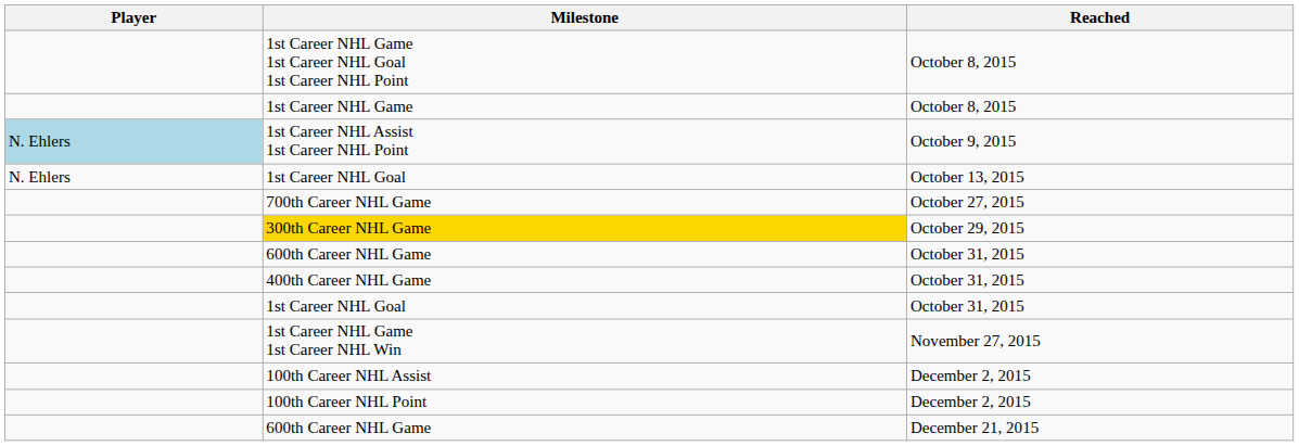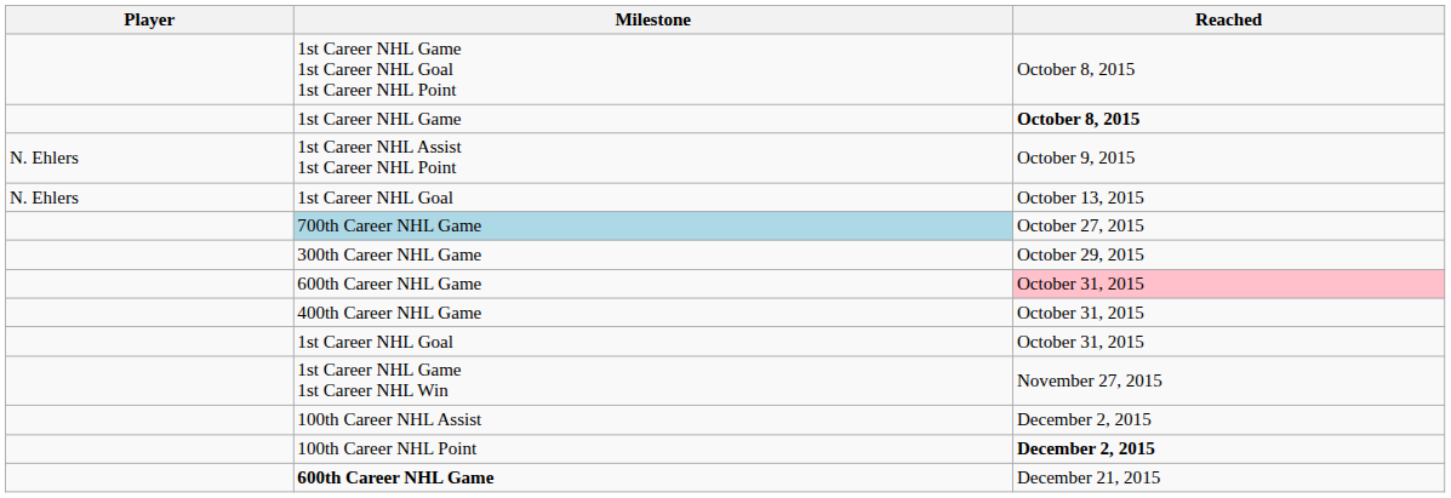 <table class="wikitable sortable" style="width:100%;">
 <tr align=center>
 <th style="width:20%;">Player</th>
 <th style="width:50%;">Milestone</th>
 <th style="width:30%;" data-sort-type="date">Reached</th>
 </tr>
 <tr>
 <td></td>
 <td>1st Career NHL Game<br>1st Career NHL Goal<br>1st Career NHL Point</td>
 <td>October 8, 2015</td>
 </tr>
 <tr>
 <td></td>
 <td>1st Career NHL Game</td>
-<td>October 8, 2015</td>
+<td><strong>October 8, 2015</strong></td>
 </tr>
 <tr>
-<td style="background: lightblue;">N. Ehlers</td>
+<td>N. Ehlers</td>
 <td>1st Career NHL Assist<br>1st Career NHL Point</td>
 <td>October 9, 2015</td>
 </tr>
 <tr>
 <td>N. Ehlers</td>
 <td>1st Career NHL Goal</td>
 <td>October 13, 2015</td>
 </tr>
 <tr>
 <td></td>
-<td>700th Career NHL Game</td>
+<td style="background: lightblue;">700th Career NHL Game</td>
 <td>October 27, 2015</td>
 </tr>
 <tr>
 <td></td>
-<td style="background: gold;">300th Career NHL Game</td>
+<td>300th Career NHL Game</td>
 <td>October 29, 2015</td>
 </tr>
 <tr>
 <td></td>
 <td>600th Career NHL Game</td>
-<td>October 31, 2015</td>
+<td style="background: pink;">October 31, 2015</td>
 </tr>
 <tr>
 <td></td>
 <td>400th Career NHL Game</td>
 <td>October 31, 2015</td>
 </tr>
 <tr>
 <td></td>
 <td>1st Career NHL Goal</td>
 <td>October 31, 2015</td>
 </tr>
 <tr>
 <td></td>
 <td>1st Career NHL Game<br>1st Career NHL Win</td>
 <td>November 27, 2015</td>
 </tr>
 <tr>
 <td></td>
 <td>100th Career NHL Assist</td>
 <td>December 2, 2015</td>
 </tr>
 <tr>
 <td></td>
 <td>100th Career NHL Point</td>
-<td>December 2, 2015</td>
+<td><strong>December 2, 2015</strong></td>
 </tr>
 <tr>
 <td></td>
-<td>600th Career NHL Game</td>
+<td><strong>600th Career NHL Game</strong></td>
 <td>December 21, 2015</td>
 </tr>
 </table>
